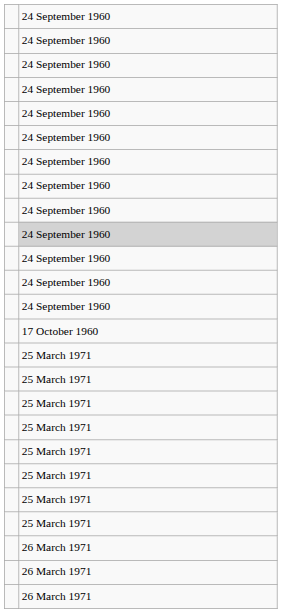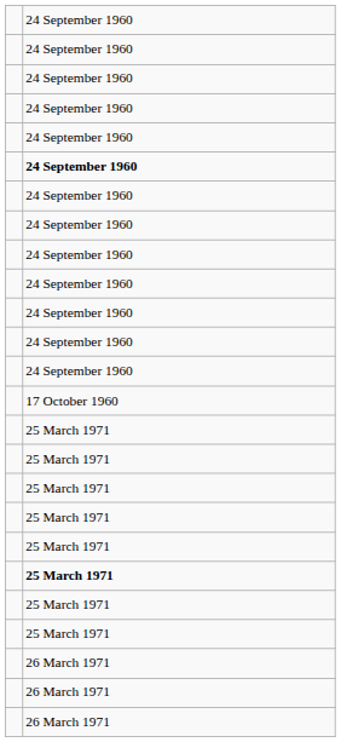 <table class="wikitable" style="font-size: 89%; float: left; width: 24em; margin-right: 1em; line-height: 1.65em">
 <tr>
 <td></td>
 <td>24 September 1960</td>
 </tr>
 <tr>
 <td></td>
 <td>24 September 1960</td>
 </tr>
 <tr>
 <td></td>
 <td>24 September 1960</td>
 </tr>
 <tr>
 <td></td>
 <td>24 September 1960</td>
 </tr>
 <tr>
 <td></td>
 <td>24 September 1960</td>
 </tr>
 <tr>
 <td></td>
-<td>24 September 1960</td>
+<td><strong>24 September 1960</strong></td>
 </tr>
 <tr>
 <td></td>
 <td>24 September 1960</td>
 </tr>
 <tr>
 <td></td>
 <td>24 September 1960</td>
 </tr>
 <tr>
 <td></td>
 <td>24 September 1960</td>
 </tr>
 <tr>
 <td></td>
-<td style="background: lightgrey;">24 September 1960</td>
+<td>24 September 1960</td>
 </tr>
 <tr>
 <td></td>
 <td>24 September 1960</td>
 </tr>
 <tr>
 <td></td>
 <td>24 September 1960</td>
 </tr>
 <tr>
 <td></td>
 <td>24 September 1960</td>
 </tr>
 <tr>
 <td></td>
 <td>17 October 1960</td>
 </tr>
 <tr>
 <td></td>
 <td>25 March 1971</td>
 </tr>
 <tr>
 <td></td>
 <td>25 March 1971</td>
 </tr>
 <tr>
 <td></td>
 <td>25 March 1971</td>
 </tr>
 <tr>
 <td></td>
 <td>25 March 1971</td>
 </tr>
 <tr>
 <td></td>
 <td>25 March 1971</td>
 </tr>
 <tr>
 <td></td>
-<td>25 March 1971</td>
+<td><strong>25 March 1971</strong></td>
 </tr>
 <tr>
 <td></td>
 <td>25 March 1971</td>
 </tr>
 <tr>
 <td></td>
 <td>25 March 1971</td>
 </tr>
 <tr>
 <td></td>
 <td>26 March 1971</td>
 </tr>
 <tr>
 <td></td>
 <td>26 March 1971</td>
 </tr>
 <tr>
 <td></td>
 <td>26 March 1971</td>
 </tr>
 </table>
